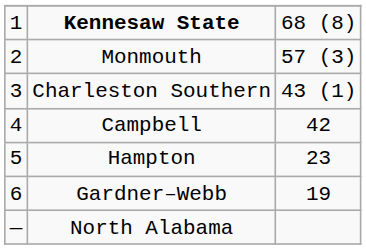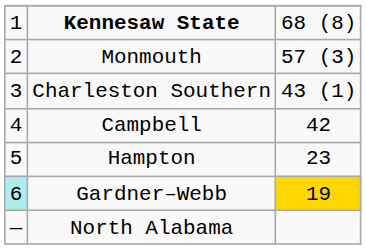 <table class="wikitable" style="display: inline-table;">
 <tr align="center">
 </tr>
 <tr align="center">
 <td>1</td>
 <td><strong>Kennesaw State</strong></td>
 <td>68 (8)</td>
 </tr>
 <tr align="center">
 <td>2</td>
 <td>Monmouth</td>
 <td>57 (3)</td>
 </tr>
 <tr align="center">
 <td>3</td>
 <td>Charleston Southern</td>
 <td>43 (1)</td>
 </tr>
 <tr align="center">
 <td>4</td>
 <td>Campbell</td>
 <td>42</td>
 </tr>
 <tr align="center">
 <td>5</td>
 <td>Hampton</td>
 <td>23</td>
 </tr>
 <tr align="center">
-<td>6</td>
+<td style="background: paleturquoise;">6</td>
 <td>Gardner–Webb</td>
-<td>19</td>
+<td style="background: gold;">19</td>
 </tr>
 <tr align="center">
 <td>—</td>
 <td>North Alabama</td>
 <td></td>
 </tr>
 </table>
